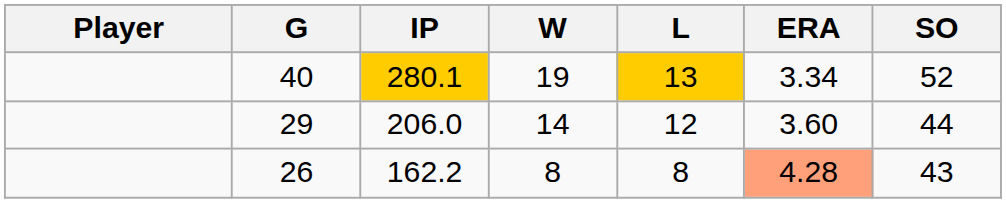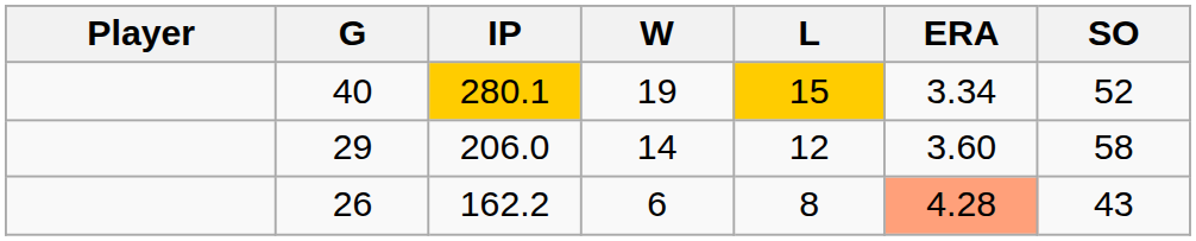 <table class="wikitable sortable">
 <tr>
 <th bgcolor="#DDDDFF" width="16%">Player</th>
 <th bgcolor="#DDDDFF" width="9%">G</th>
 <th bgcolor="#DDDDFF" width="9%">IP</th>
 <th bgcolor="#DDDDFF" width="9%">W</th>
 <th bgcolor="#DDDDFF" width="9%">L</th>
 <th bgcolor="#DDDDFF" width="9%">ERA</th>
 <th bgcolor="#DDDDFF" width="9%">SO</th>
 </tr>
 <tr align="center">
 <td></td>
 <td>40</td>
 <td style="background:#fc0;">280.1</td>
 <td>19</td>
-<td style="background:#fc0;">13</td>
+<td style="background:#fc0;">15</td>
 <td>3.34</td>
 <td>52</td>
 </tr>
 <tr align="center">
 <td></td>
 <td>29</td>
 <td>206.0</td>
 <td>14</td>
 <td>12</td>
 <td>3.60</td>
-<td>44</td>
+<td>58</td>
 </tr>
 <tr align="center">
 <td></td>
 <td>26</td>
 <td>162.2</td>
-<td>8</td>
+<td>6</td>
 <td>8</td>
 <td style="background: lightsalmon;">4.28</td>
 <td>43</td>
 </tr>
 </table>
